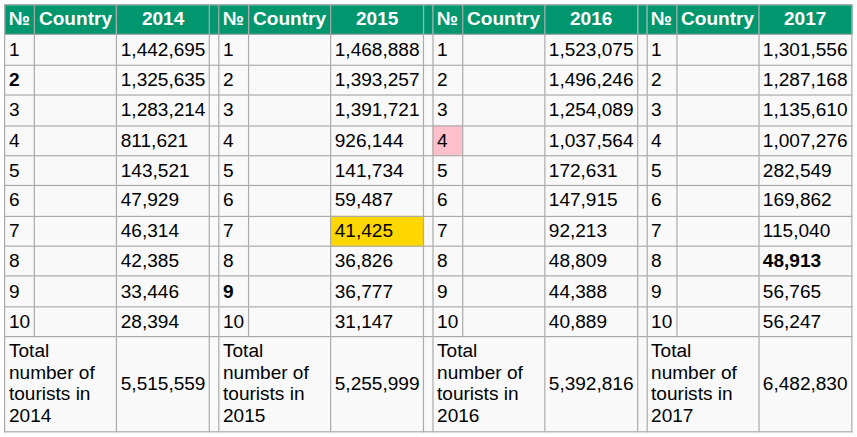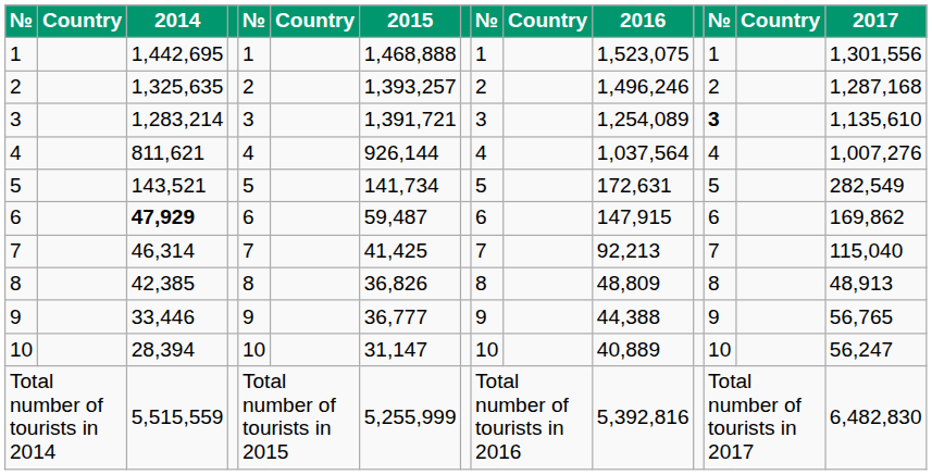 <table class="wikitable">
 <tr style="color:white;">
 <th style="width:2px; background:#00966E;">№</th>
 <th style="width:120px; background:#00966E;">Country</th>
 <th style="width:50px; background:#00966E;">2014</th>
 <th style="background-color:#00966E;"></th>
 <th style="width:2px; background:#00966E;">№</th>
 <th style="width:110px; background:#00966E;">Country</th>
 <th style="width:80px; background:#00966E;">2015</th>
 <th style="background-color:#00966E;"></th>
 <th style="width:2px; background:#00966E;">№</th>
 <th style="width:120px; background:#00966E;">Country</th>
 <th style="width:110px; background:#00966E;">2016</th>
 <th style="background-color:#00966E;"></th>
 <th style="width:2px; background:#00966E;">№</th>
 <th style="width:110px; background:#00966E;">Country</th>
 <th style="width:110px; background:#00966E;">2017</th>
 </tr>
 <tr>
 <td>1</td>
 <td></td>
 <td>1,442,695</td>
 <td></td>
 <td>1</td>
 <td></td>
 <td>  1,468,888</td>
 <td></td>
 <td>1</td>
 <td></td>
 <td> 1,523,075</td>
 <td></td>
 <td>1</td>
 <td></td>
 <td> 1,301,556</td>
 </tr>
 <tr>
-<td><strong>2</strong></td>
+<td>2</td>
 <td></td>
 <td>1,325,635</td>
 <td></td>
 <td>2</td>
 <td></td>
 <td>1,393,257</td>
 <td></td>
 <td>2</td>
 <td></td>
 <td> 1,496,246</td>
 <td></td>
 <td>2</td>
 <td></td>
 <td> 1,287,168</td>
 </tr>
 <tr>
 <td>3</td>
 <td></td>
 <td>1,283,214</td>
 <td></td>
 <td>3</td>
 <td></td>
 <td>1,391,721</td>
 <td></td>
 <td>3</td>
 <td></td>
 <td> 1,254,089</td>
 <td></td>
-<td>3</td>
+<td><strong>3</strong></td>
 <td></td>
 <td> 1,135,610</td>
 </tr>
 <tr>
 <td>4</td>
 <td></td>
 <td>811,621</td>
 <td></td>
 <td>4</td>
 <td></td>
 <td> 926,144</td>
 <td></td>
-<td style="background: pink;">4</td>
+<td>4</td>
 <td></td>
 <td> 1,037,564</td>
 <td></td>
 <td>4</td>
 <td></td>
 <td> 1,007,276</td>
 </tr>
 <tr>
 <td>5</td>
 <td></td>
 <td>143,521</td>
 <td></td>
 <td>5</td>
 <td></td>
 <td>141,734</td>
 <td></td>
 <td>5</td>
 <td></td>
 <td> 172,631</td>
 <td></td>
 <td>5</td>
 <td></td>
 <td> 282,549</td>
 </tr>
 <tr>
 <td>6</td>
 <td></td>
-<td>47,929</td>
+<td><strong>47,929</strong></td>
 <td></td>
 <td>6</td>
 <td></td>
 <td> 59,487</td>
 <td></td>
 <td>6</td>
 <td></td>
 <td> 147,915</td>
 <td></td>
 <td>6</td>
 <td></td>
 <td> 169,862</td>
 </tr>
 <tr>
 <td>7</td>
 <td></td>
 <td>46,314</td>
 <td></td>
 <td>7</td>
 <td></td>
-<td style="background: gold;"> 41,425</td>
+<td> 41,425</td>
 <td></td>
 <td>7</td>
 <td></td>
 <td> 92,213</td>
 <td></td>
 <td>7</td>
 <td></td>
 <td> 115,040</td>
 </tr>
 <tr>
 <td>8</td>
 <td></td>
 <td>42,385</td>
 <td></td>
 <td>8</td>
 <td></td>
 <td> 36,826</td>
 <td></td>
 <td>8</td>
 <td></td>
 <td> 48,809</td>
 <td></td>
 <td>8</td>
 <td></td>
-<td><strong> 48,913</strong></td>
+<td> 48,913</td>
 </tr>
 <tr>
 <td>9</td>
 <td></td>
 <td>33,446</td>
 <td></td>
-<td><strong>9</strong></td>
+<td>9</td>
 <td></td>
 <td> 36,777</td>
 <td></td>
 <td>9</td>
 <td></td>
 <td> 44,388</td>
 <td></td>
 <td>9</td>
 <td></td>
 <td> 56,765</td>
 </tr>
 <tr>
 <td>10</td>
 <td></td>
 <td>28,394</td>
 <td></td>
 <td>10</td>
 <td></td>
 <td> 31,147</td>
 <td></td>
 <td>10</td>
 <td></td>
 <td> 40,889</td>
 <td></td>
 <td>10</td>
 <td></td>
 <td> 56,247</td>
 </tr>
 <tr>
 <td colspan="2">Total number of tourists in 2014</td>
 <td>5,515,559</td>
 <td></td>
 <td colspan="2">Total number of tourists in 2015</td>
 <td>5,255,999</td>
 <td></td>
 <td colspan="2">Total number of tourists in 2016</td>
 <td>5,392,816</td>
 <td></td>
 <td colspan="2">Total number of tourists in 2017</td>
 <td>6,482,830</td>
 </tr>
 </table>
